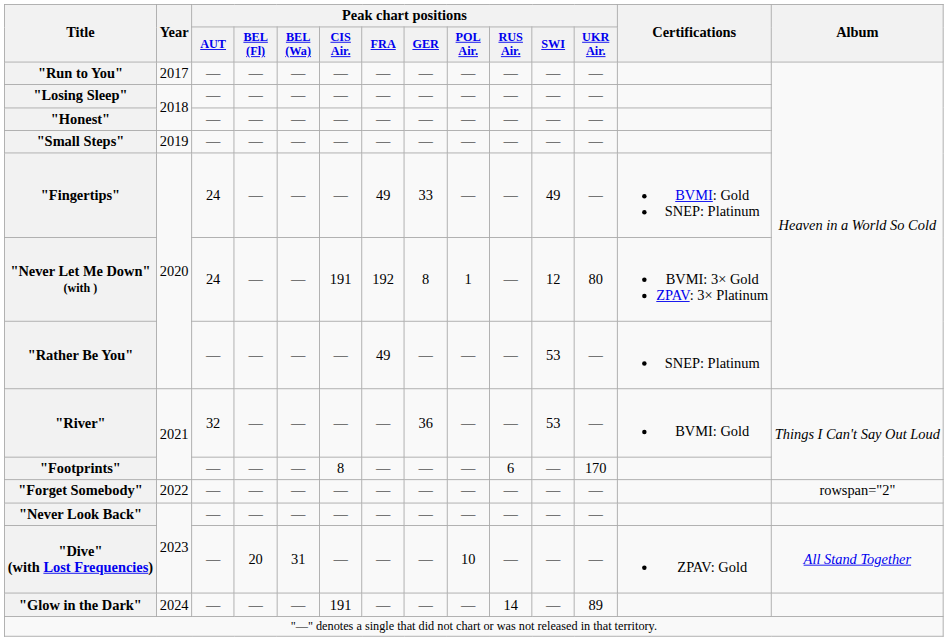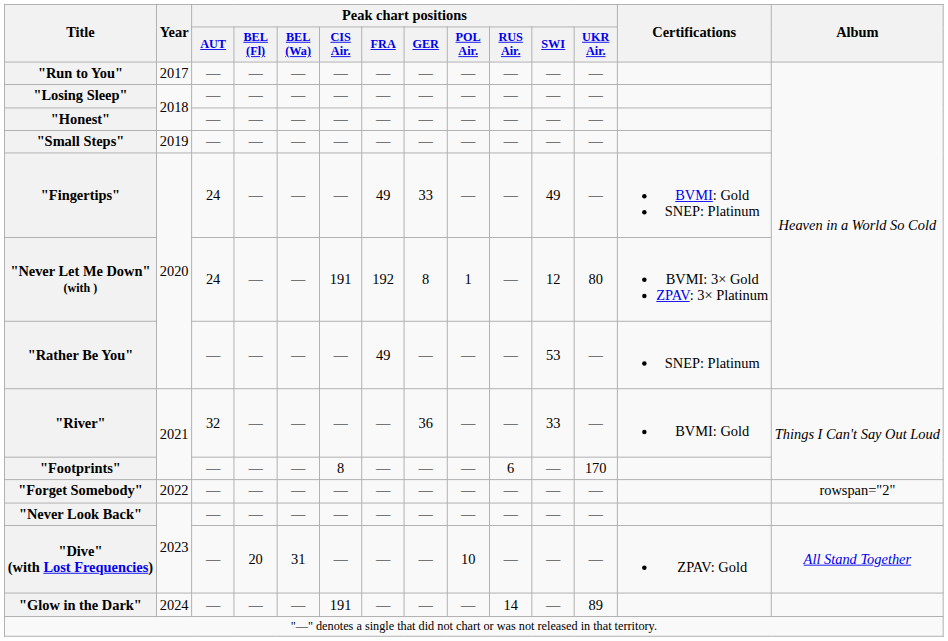 <table class="wikitable plainrowheaders" style="text-align:center;">
 <tr>
 <th scope="col" rowspan="2">Title</th>
 <th scope="col" rowspan="2">Year</th>
 <th scope="col" colspan="10">Peak chart positions</th>
 <th scope="col" rowspan="2">Certifications</th>
 <th scope="col" rowspan="2">Album</th>
 </tr>
 <tr>
 <th scope="col" style="width:3em;font-size:85%;"><a href='#'>AUT</a><br></th>
 <th scope="col" style="width:3em;font-size:85%;"><a href='#'>BEL<br>(Fl)</a><br></th>
 <th scope="col" style="width:3em;font-size:85%;"><a href='#'>BEL<br>(Wa)</a><br></th>
 <th scope="col" style="width:3em;font-size:85%;"><a href='#'>CIS<br>Air.</a><br></th>
 <th scope="col" style="width:3em;font-size:85%;"><a href='#'>FRA</a><br></th>
 <th scope="col" style="width:3em;font-size:85%;"><a href='#'>GER</a><br></th>
 <th scope="col" style="width:3em;font-size:85%;"><a href='#'>POL<br>Air.</a><br></th>
 <th scope="col" style="width:3em;font-size:85%;"><a href='#'>RUS<br>Air.</a><br></th>
 <th scope="col" style="width:3em;font-size:85%;"><a href='#'>SWI</a><br></th>
 <th scope="col" style="width:3em;font-size:85%;"><a href='#'>UKR<br>Air.</a><br></th>
 </tr>
 <tr>
 <th scope="row">"Run to You"</th>
 <td>2017</td>
 <td>—</td>
 <td>—</td>
 <td>—</td>
 <td>—</td>
 <td>—</td>
 <td>—</td>
 <td>—</td>
 <td>—</td>
 <td>—</td>
 <td>—</td>
 <td></td>
 <td rowspan="7"><em>Heaven in a World So Cold</em></td>
 </tr>
 <tr>
 <th scope="row">"Losing Sleep"</th>
 <td rowspan="2">2018</td>
 <td>—</td>
 <td>—</td>
 <td>—</td>
 <td>—</td>
 <td>—</td>
 <td>—</td>
 <td>—</td>
 <td>—</td>
 <td>—</td>
 <td>—</td>
 <td></td>
 </tr>
 <tr>
 <th scope="row">"Honest"</th>
 <td>—</td>
 <td>—</td>
 <td>—</td>
 <td>—</td>
 <td>—</td>
 <td>—</td>
 <td>—</td>
 <td>—</td>
 <td>—</td>
 <td>—</td>
 <td></td>
 </tr>
 <tr>
 <th scope="row">"Small Steps"</th>
 <td>2019</td>
 <td>—</td>
 <td>—</td>
 <td>—</td>
 <td>—</td>
 <td>—</td>
 <td>—</td>
 <td>—</td>
 <td>—</td>
 <td>—</td>
 <td>—</td>
 <td></td>
 </tr>
 <tr>
 <th scope="row">"Fingertips"</th>
 <td rowspan="3">2020</td>
 <td>24</td>
 <td>—</td>
 <td>—</td>
 <td>—</td>
 <td>49</td>
 <td>33</td>
 <td>—</td>
 <td>—</td>
 <td>49</td>
 <td>—</td>
 <td><br><ul><li><a href='#'>BVMI</a>: Gold</li><li>SNEP: Platinum</li></ul></td>
 </tr>
 <tr>
 <th scope="row">"Never Let Me Down"<br><small>(with )</small></th>
 <td>24</td>
 <td>—</td>
 <td>—</td>
 <td>191</td>
 <td>192</td>
 <td>8</td>
 <td>1</td>
 <td>—</td>
 <td>12</td>
 <td>80</td>
 <td><br><ul><li>BVMI: 3× Gold</li><li><a href='#'>ZPAV</a>: 3× Platinum</li></ul></td>
 </tr>
 <tr>
 <th scope="row">"Rather Be You"</th>
 <td>—</td>
 <td>—</td>
 <td>—</td>
 <td>—</td>
 <td>49</td>
 <td>—</td>
 <td>—</td>
 <td>—</td>
 <td>53</td>
 <td>—</td>
 <td><br><ul><li>SNEP: Platinum</li></ul></td>
 </tr>
 <tr>
 <th scope="row">"River"</th>
 <td rowspan=2>2021</td>
 <td>32</td>
 <td>—</td>
 <td>—</td>
 <td>—</td>
 <td>—</td>
 <td>36</td>
 <td>—</td>
 <td>—</td>
-<td>53</td>
+<td>33</td>
 <td>—</td>
 <td><br><ul><li>BVMI: Gold</li></ul></td>
 <td rowspan=2><em>Things I Can't Say Out Loud</em></td>
 </tr>
 <tr>
 <th scope="row">"Footprints"</th>
 <td>—</td>
 <td>—</td>
 <td>—</td>
 <td>8</td>
 <td>—</td>
 <td>—</td>
 <td>—</td>
 <td>6</td>
 <td>—</td>
 <td>170</td>
 <td></td>
 </tr>
 <tr>
 <th scope="row">"Forget Somebody"</th>
 <td>2022</td>
 <td>—</td>
 <td>—</td>
 <td>—</td>
 <td>—</td>
 <td>—</td>
 <td>—</td>
 <td>—</td>
 <td>—</td>
 <td>—</td>
 <td>—</td>
 <td></td>
 <td>rowspan="2" </td>
 </tr>
 <tr>
 <th scope="row">"Never Look Back"</th>
 <td rowspan="2">2023</td>
 <td>—</td>
 <td>—</td>
 <td>—</td>
 <td>—</td>
 <td>—</td>
 <td>—</td>
 <td>—</td>
 <td>—</td>
 <td>—</td>
 <td>—</td>
 <td></td>
 </tr>
 <tr>
 <th scope="row">"Dive"<br><span>(with <a href='#'>Lost Frequencies</a>)</span></th>
 <td>—</td>
 <td>20</td>
 <td>31</td>
 <td>—</td>
 <td>—</td>
 <td>—</td>
 <td>10</td>
 <td>—</td>
 <td>—</td>
 <td>—</td>
 <td><br><ul><li>ZPAV: Gold</li></ul></td>
 <td><em><a href='#'>All Stand Together</a></em></td>
 </tr>
 <tr>
 <th scope="row">"Glow in the Dark"</th>
 <td>2024</td>
 <td>—</td>
 <td>—</td>
 <td>—</td>
 <td>191</td>
 <td>—</td>
 <td>—</td>
 <td>—</td>
 <td>14</td>
 <td>—</td>
 <td>89</td>
 <td></td>
 <td></td>
 </tr>
 <tr>
 <td colspan="14" style="text-align:center; font-size:85%;">"—" denotes a single that did not chart or was not released in that territory.</td>
 </tr>
 </table>
